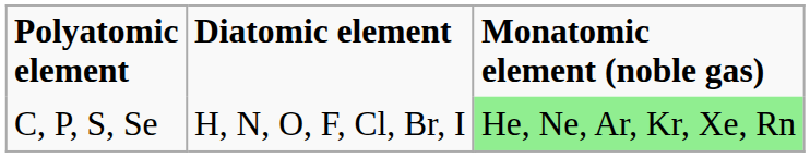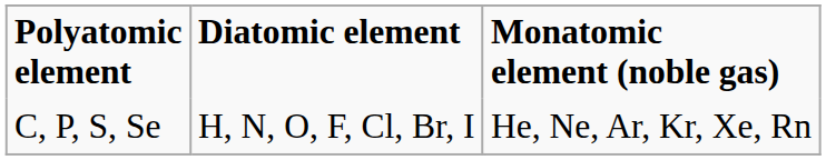 <table class="wikitable floatright" style="margin-left: 0.5em;">
 <tr>
 <td style="border-bottom: none"><strong>Polyatomic<br>element</strong></td>
 <td colspan="2" style="border-bottom: none; vertical-align: text-top"><strong>Diatomic element</strong></td>
 <td style="border-bottom: none; vertical-align: text-bottom"><strong>Monatomic<br>element (noble gas)</strong></td>
 </tr>
 <tr>
 <td style="border-top:none">C, P, S, Se</td>
 <td colspan="2" style="border-top:none">H, N, O, F, Cl, Br, I</td>
-<td style="background: lightgreen; border-top:none">He, Ne, Ar, Kr, Xe, Rn</td>
+<td style="border-top:none">He, Ne, Ar, Kr, Xe, Rn</td>
 </tr>
 </table>
